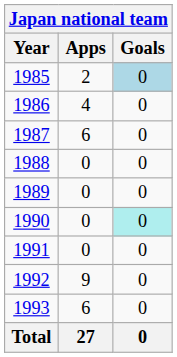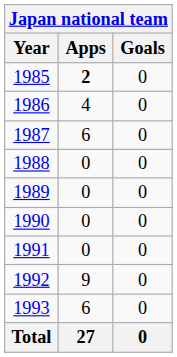 <table class="wikitable" style="text-align:center">
 <tr>
 <th colspan=3><a href='#'>Japan national team</a></th>
 </tr>
 <tr>
 <th>Year</th>
 <th>Apps</th>
 <th>Goals</th>
 </tr>
 <tr>
 <td><a href='#'>1985</a></td>
-<td>2</td>
-<td style="background: lightblue;">0</td>
+<td><strong>2</strong></td>
+<td>0</td>
 </tr>
 <tr>
 <td><a href='#'>1986</a></td>
 <td>4</td>
 <td>0</td>
 </tr>
 <tr>
 <td><a href='#'>1987</a></td>
 <td>6</td>
 <td>0</td>
 </tr>
 <tr>
 <td><a href='#'>1988</a></td>
 <td>0</td>
 <td>0</td>
 </tr>
 <tr>
 <td><a href='#'>1989</a></td>
 <td>0</td>
 <td>0</td>
 </tr>
 <tr>
 <td><a href='#'>1990</a></td>
 <td>0</td>
-<td style="background: paleturquoise;">0</td>
+<td>0</td>
 </tr>
 <tr>
 <td><a href='#'>1991</a></td>
 <td>0</td>
 <td>0</td>
 </tr>
 <tr>
 <td><a href='#'>1992</a></td>
 <td>9</td>
 <td>0</td>
 </tr>
 <tr>
 <td><a href='#'>1993</a></td>
 <td>6</td>
 <td>0</td>
 </tr>
 <tr>
 <th>Total</th>
 <th>27</th>
 <th>0</th>
 </tr>
 </table>
